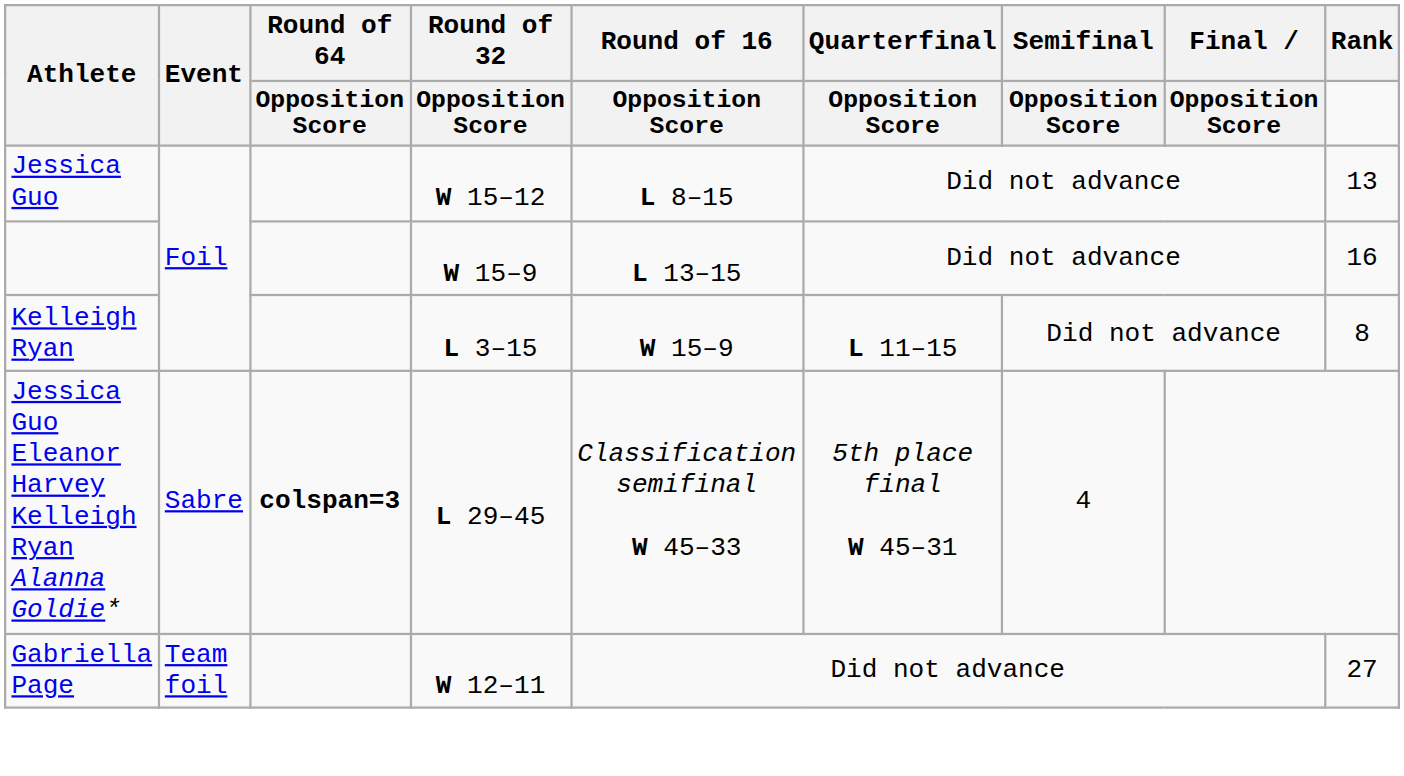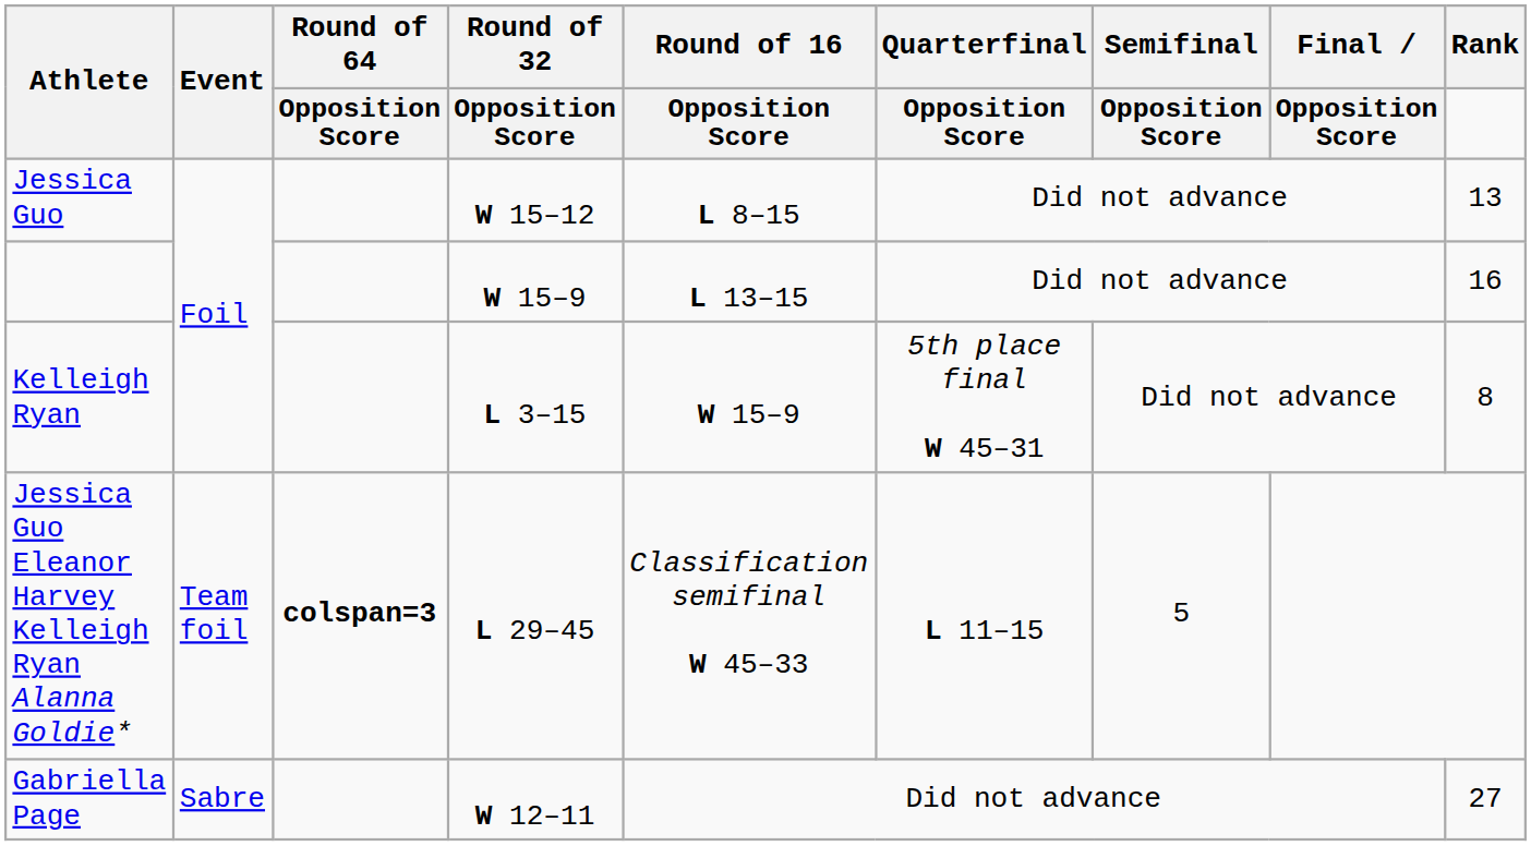 <table class=wikitable style=font-size:90%;text-align:center>
 <tr>
 <th rowspan=2>Athlete</th>
 <th rowspan=2>Event</th>
 <th>Round of 64</th>
 <th>Round of 32</th>
 <th>Round of 16</th>
 <th>Quarterfinal</th>
 <th>Semifinal</th>
 <th>Final / </th>
 <th colspan=2>Rank</th>
 </tr>
 <tr style=font-size:95%>
 <th>Opposition <br> Score</th>
 <th>Opposition <br> Score</th>
 <th>Opposition <br> Score</th>
 <th>Opposition <br> Score</th>
 <th>Opposition <br> Score</th>
 <th>Opposition <br> Score</th>
 </tr>
 <tr>
 <td align=left><a href='#'>Jessica Guo</a></td>
 <td align=left rowspan=3><a href='#'>Foil</a></td>
 <td></td>
 <td><br><strong>W</strong> 15–12</td>
 <td><br><strong>L</strong> 8–15</td>
 <td colspan=3>Did not advance</td>
 <td>13</td>
 </tr>
 <tr>
 <td align=left></td>
 <td></td>
 <td><br><strong>W</strong> 15–9</td>
 <td><br><strong>L</strong> 13–15</td>
 <td colspan=3>Did not advance</td>
 <td>16</td>
 </tr>
 <tr>
 <td align=left><a href='#'>Kelleigh Ryan</a></td>
 <td></td>
 <td><br><strong>L</strong> 3–15</td>
 <td><br><strong>W</strong> 15–9</td>
-<td><br><strong>L</strong> 11–15</td>
+<td><em>5th place final</em><br><br><strong>W</strong> 45–31</td>
 <td colspan=2>Did not advance</td>
 <td>8</td>
 </tr>
 <tr>
 <td align=left><a href='#'>Jessica Guo</a><br><a href='#'>Eleanor Harvey</a><br><a href='#'>Kelleigh Ryan</a><br><em><a href='#'>Alanna Goldie</a>*</em></td>
-<td align=left><a href='#'>Sabre</a></td>
+<td align=left><a href='#'>Team foil</a></td>
 <td><strong>colspan=3 </strong></td>
 <td><br><strong>L</strong> 29–45</td>
 <td><em>Classification semifinal</em><br><br><strong>W</strong> 45–33</td>
-<td><em>5th place final</em><br><br><strong>W</strong> 45–31</td>
-<td>4</td>
+<td><br><strong>L</strong> 11–15</td>
+<td>5</td>
 </tr>
 <tr>
 <td align=left><a href='#'>Gabriella Page</a></td>
-<td align=left><a href='#'>Team foil</a></td>
+<td align=left><a href='#'>Sabre</a></td>
 <td></td>
 <td><br><strong>W</strong> 12–11</td>
 <td colspan=4>Did not advance</td>
 <td>27</td>
 </tr>
 </table>
